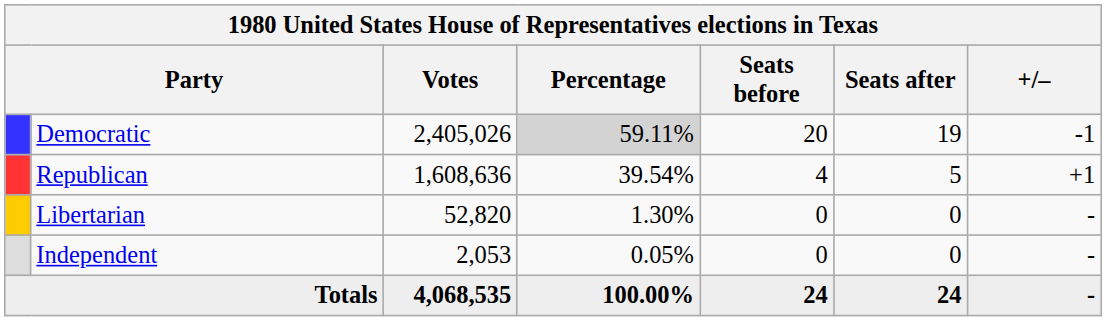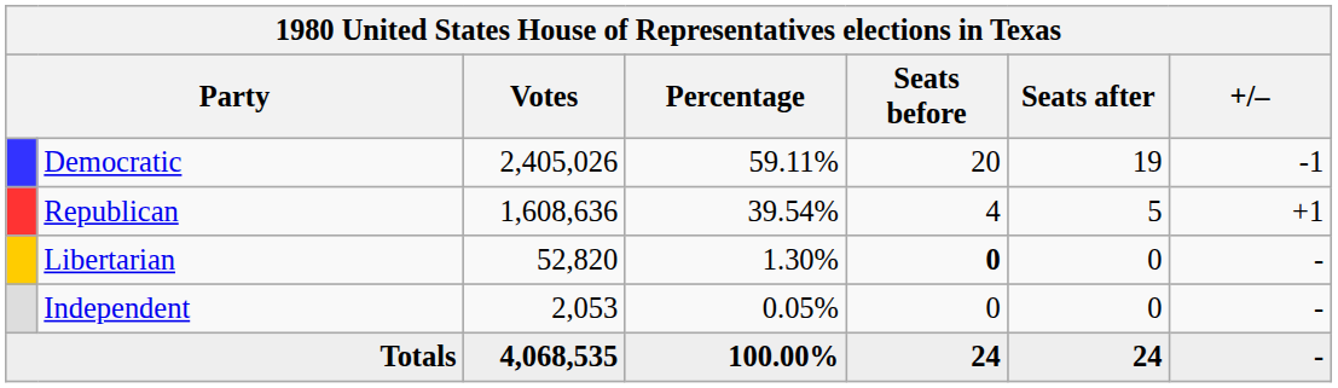 <table class="wikitable" style="font-size: 95%;">
 <tr>
 <th colspan="7">1980 United States House of Representatives elections in Texas</th>
 </tr>
 <tr>
 <th colspan="2" style="width: 15em">Party</th>
 <th style="width: 5em">Votes</th>
 <th style="width: 7em">Percentage</th>
 <th style="width: 5em">Seats before</th>
 <th style="width: 5em">Seats after</th>
 <th style="width: 5em">+/–</th>
 </tr>
 <tr>
 <th style="background-color:#3333FF; width: 3px"></th>
 <td style="width: 130px"><a href='#'>Democratic</a></td>
 <td align="right">2,405,026</td>
-<td align="right" style="background: lightgrey;">59.11%</td>
+<td align="right">59.11%</td>
 <td align="right">20</td>
 <td align="right">19</td>
 <td align="right">-1</td>
 </tr>
 <tr>
 <th style="background-color:#FF3333; width: 3px"></th>
 <td style="width: 130px"><a href='#'>Republican</a></td>
 <td align="right">1,608,636</td>
 <td align="right">39.54%</td>
 <td align="right">4</td>
 <td align="right">5</td>
 <td align="right">+1</td>
 </tr>
 <tr>
 <th style="background-color:#FFCC00; width: 3px"></th>
 <td style="width: 130px"><a href='#'>Libertarian</a></td>
 <td align="right">52,820</td>
 <td align="right">1.30%</td>
-<td align="right">0</td>
+<td align="right"><strong>0</strong></td>
 <td align="right">0</td>
 <td align="right">-</td>
 </tr>
 <tr>
 <th style="background-color:#DDDDDD; width: 3px"></th>
 <td style="width: 130px"><a href='#'>Independent</a></td>
 <td align="right">2,053</td>
 <td align="right">0.05%</td>
 <td align="right">0</td>
 <td align="right">0</td>
 <td align="right">-</td>
 </tr>
 <tr bgcolor="#EEEEEE">
 <td colspan="2" align="right"><strong>Totals</strong></td>
 <td align="right"><strong>4,068,535</strong></td>
 <td align="right"><strong>100.00%</strong></td>
 <td align="right"><strong>24</strong></td>
 <td align="right"><strong>24</strong></td>
 <td align="right"><strong>-</strong></td>
 </tr>
 </table>
